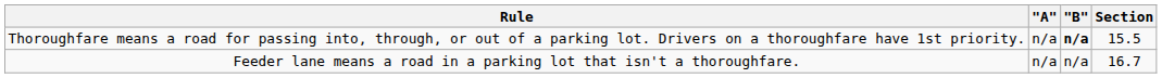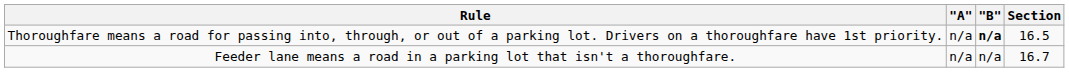 <table class="wikitable">
 <tr>
 <th style="text-align: center;">Rule</th>
 <th style="text-align: center;">"A"</th>
 <th style="text-align: center;">"B"</th>
 <th style="text-align: center;">Section</th>
 </tr>
 <tr>
 <td style="text-align: center;">Thoroughfare means a road for passing into, through, or out of a parking lot. Drivers on a thoroughfare have 1st priority.</td>
 <td style="text-align: center;">n/a</td>
 <td style="text-align: center;"><strong>n/a</strong></td>
-<td style="text-align: center;">15.5</td>
+<td style="text-align: center;">16.5</td>
 </tr>
 <tr>
 <td style="text-align: center;">Feeder lane means a road in a parking lot that isn't a thoroughfare.</td>
 <td style="text-align: center;">n/a</td>
 <td style="text-align: center;">n/a</td>
 <td style="text-align: center;">16.7</td>
 </tr>
 </table>
